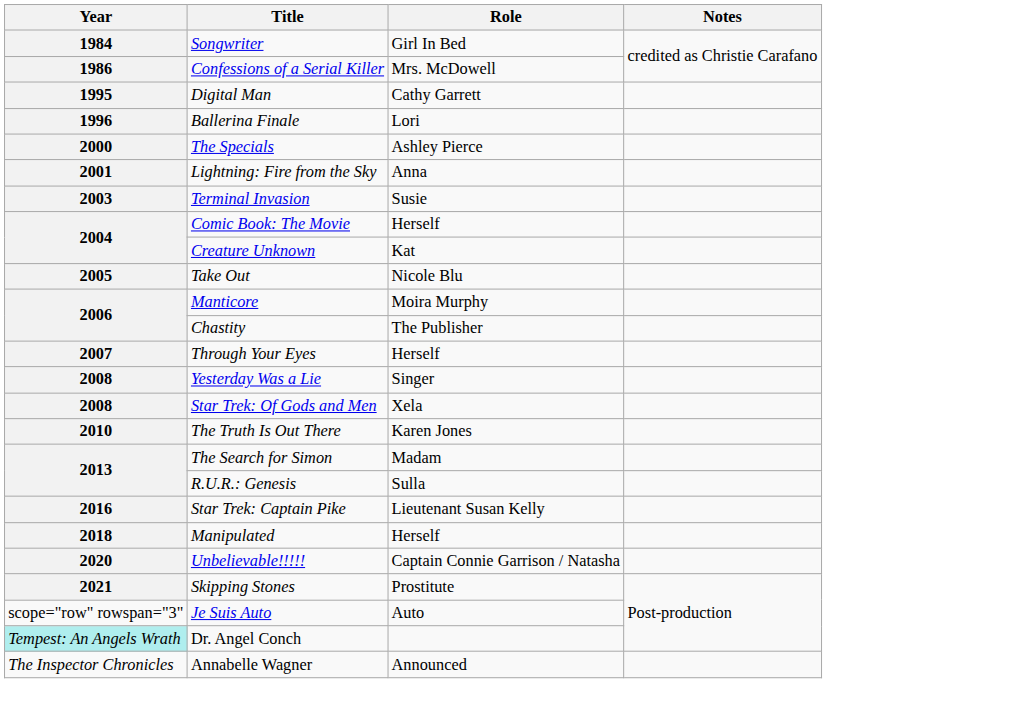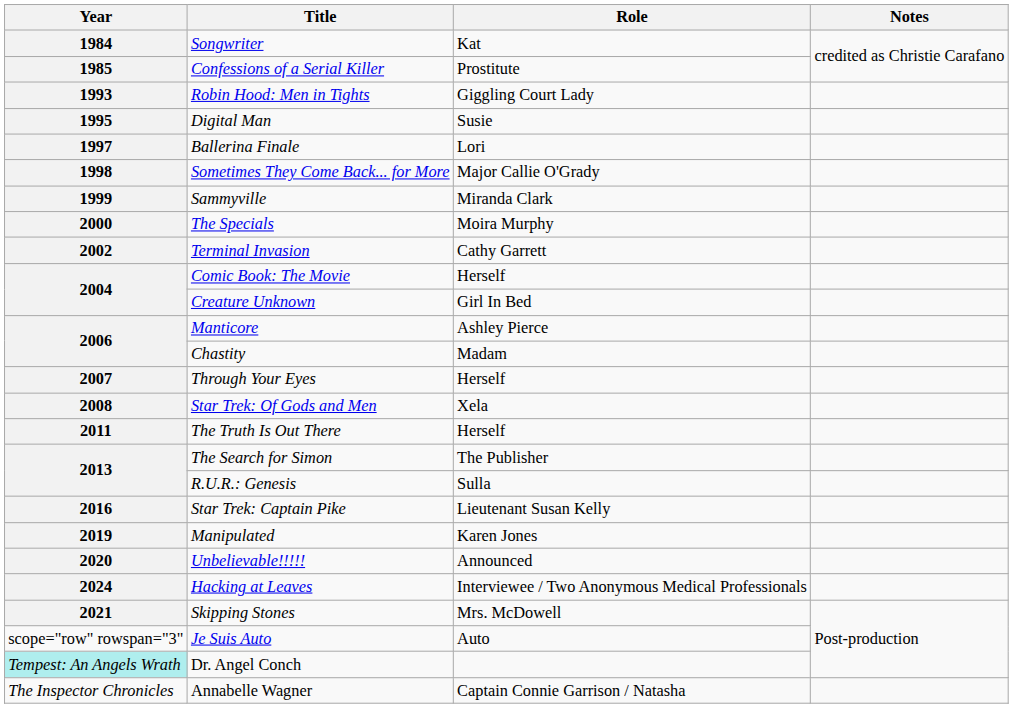 <table class="wikitable plainrowheaders sortable">
 <tr>
 <th scope="col">Year</th>
 <th scope="col">Title</th>
 <th scope="col">Role</th>
 <th scope="col">Notes</th>
 </tr>
 <tr>
 <th scope="row">1984</th>
 <td><em><a href='#'>Songwriter</a></em></td>
-<td>Girl In Bed</td>
+<td>Kat</td>
 <td rowspan="2">credited as Christie Carafano</td>
 </tr>
 <tr>
-<th scope="row">1986</th>
+<th scope="row">1985</th>
 <td><em><a href='#'>Confessions of a Serial Killer</a></em></td>
-<td>Mrs. McDowell</td>
+<td>Prostitute</td>
+</tr>
+<tr>
+<th scope="row">1993</th>
+<td><em><a href='#'>Robin Hood: Men in Tights</a></em></td>
+<td>Giggling Court Lady</td>
+<td></td>
 </tr>
 <tr>
 <th scope="row">1995</th>
 <td><em>Digital Man</em></td>
-<td>Cathy Garrett</td>
+<td>Susie</td>
 <td></td>
 </tr>
 <tr>
-<th scope="row">1996</th>
+<th scope="row">1997</th>
 <td><em>Ballerina Finale</em></td>
 <td>Lori</td>
 <td></td>
 </tr>
 <tr>
-<th scope="row">2000</th>
-<td><em><a href='#'>The Specials</a></em></td>
-<td>Ashley Pierce</td>
+<th scope="row">1998</th>
+<td><em><a href='#'>Sometimes They Come Back... for More</a></em></td>
+<td>Major Callie O'Grady</td>
 <td></td>
 </tr>
 <tr>
-<th scope="row">2001</th>
-<td><em>Lightning: Fire from the Sky</em></td>
-<td>Anna</td>
+<th scope="row">1999</th>
+<td><em>Sammyville</em></td>
+<td>Miranda Clark</td>
 <td></td>
 </tr>
 <tr>
-<th scope="row">2003</th>
+<th scope="row">2000</th>
+<td><em><a href='#'>The Specials</a></em></td>
+<td>Moira Murphy</td>
+<td></td>
+</tr>
+<tr>
+<th scope="row">2002</th>
 <td><em><a href='#'>Terminal Invasion</a></em></td>
-<td>Susie</td>
+<td>Cathy Garrett</td>
 <td></td>
 </tr>
 <tr>
 <th scope="row" rowspan="2">2004</th>
 <td><em><a href='#'>Comic Book: The Movie</a></em></td>
 <td>Herself</td>
 <td></td>
 </tr>
 <tr>
 <td><em><a href='#'>Creature Unknown</a></em></td>
-<td>Kat</td>
-<td></td>
-</tr>
-<tr>
-<th scope="row">2005</th>
-<td><em>Take Out</em></td>
-<td>Nicole Blu</td>
+<td>Girl In Bed</td>
 <td></td>
 </tr>
 <tr>
 <th scope="row" rowspan="2">2006</th>
 <td><em><a href='#'>Manticore</a></em></td>
-<td>Moira Murphy</td>
+<td>Ashley Pierce</td>
 <td></td>
 </tr>
 <tr>
 <td><em>Chastity</em></td>
-<td>The Publisher</td>
+<td>Madam</td>
 <td></td>
 </tr>
 <tr>
 <th scope="row">2007</th>
 <td><em>Through Your Eyes</em></td>
 <td>Herself</td>
 <td></td>
 </tr>
 <tr>
 <th scope="row">2008</th>
-<td><em><a href='#'>Yesterday Was a Lie</a></em></td>
-<td>Singer</td>
-<td></td>
-</tr>
-<tr>
-<th scope="row">2008</th>
 <td><em><a href='#'>Star Trek: Of Gods and Men</a></em></td>
 <td>Xela</td>
 <td></td>
 </tr>
 <tr>
-<th scope="row">2010</th>
+<th scope="row">2011</th>
 <td><em>The Truth Is Out There</em></td>
-<td>Karen Jones</td>
+<td>Herself</td>
 <td></td>
 </tr>
 <tr>
 <th scope="row" rowspan="2">2013</th>
 <td><em>The Search for Simon</em></td>
-<td>Madam</td>
+<td>The Publisher</td>
 <td></td>
 </tr>
 <tr>
 <td><em>R.U.R.: Genesis</em></td>
 <td>Sulla</td>
 <td></td>
 </tr>
 <tr>
 <th scope="row">2016</th>
 <td><em>Star Trek: Captain Pike</em></td>
 <td>Lieutenant Susan Kelly</td>
 <td></td>
 </tr>
 <tr>
-<th scope="row">2018</th>
+<th scope="row">2019</th>
 <td><em>Manipulated</em></td>
-<td>Herself</td>
+<td>Karen Jones</td>
 <td></td>
 </tr>
 <tr>
 <th scope="row">2020</th>
 <td><em><a href='#'>Unbelievable!!!!!</a></em></td>
-<td>Captain Connie Garrison / Natasha</td>
+<td>Announced</td>
+<td></td>
+</tr>
+<tr>
+<th scope="row">2024</th>
+<td><em><a href='#'>Hacking at Leaves</a></em></td>
+<td>Interviewee / Two Anonymous Medical Professionals</td>
 <td></td>
 </tr>
 <tr>
 <th scope="row">2021</th>
 <td><em>Skipping Stones</em></td>
-<td>Prostitute</td>
+<td>Mrs. McDowell</td>
 <td rowspan="3">Post-production</td>
 </tr>
 <tr>
 <td>scope="row" rowspan="3" </td>
 <td><em><a href='#'>Je Suis Auto</a></em></td>
 <td>Auto</td>
 </tr>
 <tr>
 <td style="background: paleturquoise;"><em>Tempest: An Angels Wrath</em></td>
 <td>Dr. Angel Conch</td>
 </tr>
 <tr>
 <td><em>The Inspector Chronicles</em></td>
 <td>Annabelle Wagner</td>
-<td>Announced</td>
+<td>Captain Connie Garrison / Natasha</td>
 </tr>
 </table>
